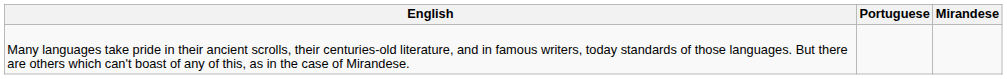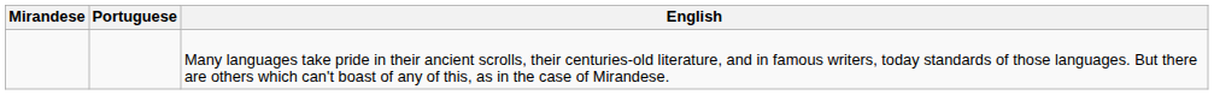 <table class=wikitable>
 <tr>
+<th>Mirandese</th>
+<th>Portuguese</th>
 <th>English</th>
-<th>Portuguese</th>
-<th>Mirandese</th>
 </tr>
 <tr>
-<td><br>Many languages take pride in their ancient scrolls, their centuries-old literature, and in famous writers, today standards of those languages. But there are others which can't boast of any of this, as in the case of Mirandese.</td>
 <td><br></td>
 <td><br></td>
+<td><br>Many languages take pride in their ancient scrolls, their centuries-old literature, and in famous writers, today standards of those languages. But there are others which can't boast of any of this, as in the case of Mirandese.</td>
 </tr>
 </table>
